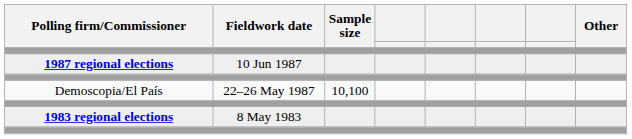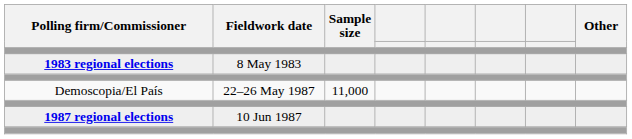 <table class="wikitable collapsible collapsed" style="text-align:center; font-size:95%; line-height:16px;">
 <tr style="height:42px;">
 <th style="width:230px;" rowspan="2">Polling firm/Commissioner</th>
 <th style="width:120px;" rowspan="2">Fieldwork date</th>
 <th style="width:50px;" rowspan="2">Sample size</th>
 <th style="width:50px;"></th>
 <th style="width:50px;"></th>
 <th style="width:50px;"></th>
 <th style="width:50px;"></th>
 <th style="width:50px;" rowspan="2">Other</th>
 </tr>
 <tr>
 <th style="color:inherit;background:"></th>
 <th style="color:inherit;background:"></th>
 <th style="color:inherit;background:"></th>
 <th style="color:inherit;background:"></th>
 </tr>
 <tr>
 <td colspan="8" style="background:#A0A0A0"></td>
 </tr>
 <tr style="background:#EFEFEF;">
-<td><strong><a href='#'>1987 regional elections</a></strong></td>
-<td>10 Jun 1987</td>
+<td><strong><a href='#'>1983 regional elections</a></strong></td>
+<td>8 May 1983</td>
 <td></td>
 <td></td>
 <td></td>
 <td></td>
 <td></td>
 <td></td>
 </tr>
 <tr>
 <td colspan="8" style="background:#A0A0A0"></td>
 </tr>
 <tr>
 <td>Demoscopia/El País</td>
 <td>22–26 May 1987</td>
-<td>10,100</td>
+<td>11,000</td>
 <td></td>
 <td></td>
 <td></td>
 <td></td>
 <td></td>
 </tr>
 <tr>
 <td colspan="8" style="background:#A0A0A0"></td>
 </tr>
 <tr style="background:#EFEFEF;">
-<td><strong><a href='#'>1983 regional elections</a></strong></td>
-<td>8 May 1983</td>
+<td><strong><a href='#'>1987 regional elections</a></strong></td>
+<td>10 Jun 1987</td>
 <td></td>
 <td></td>
 <td></td>
 <td></td>
 <td></td>
 <td></td>
 </tr>
 <tr>
 <td colspan="8" style="background:#A0A0A0"></td>
 </tr>
 </table>
